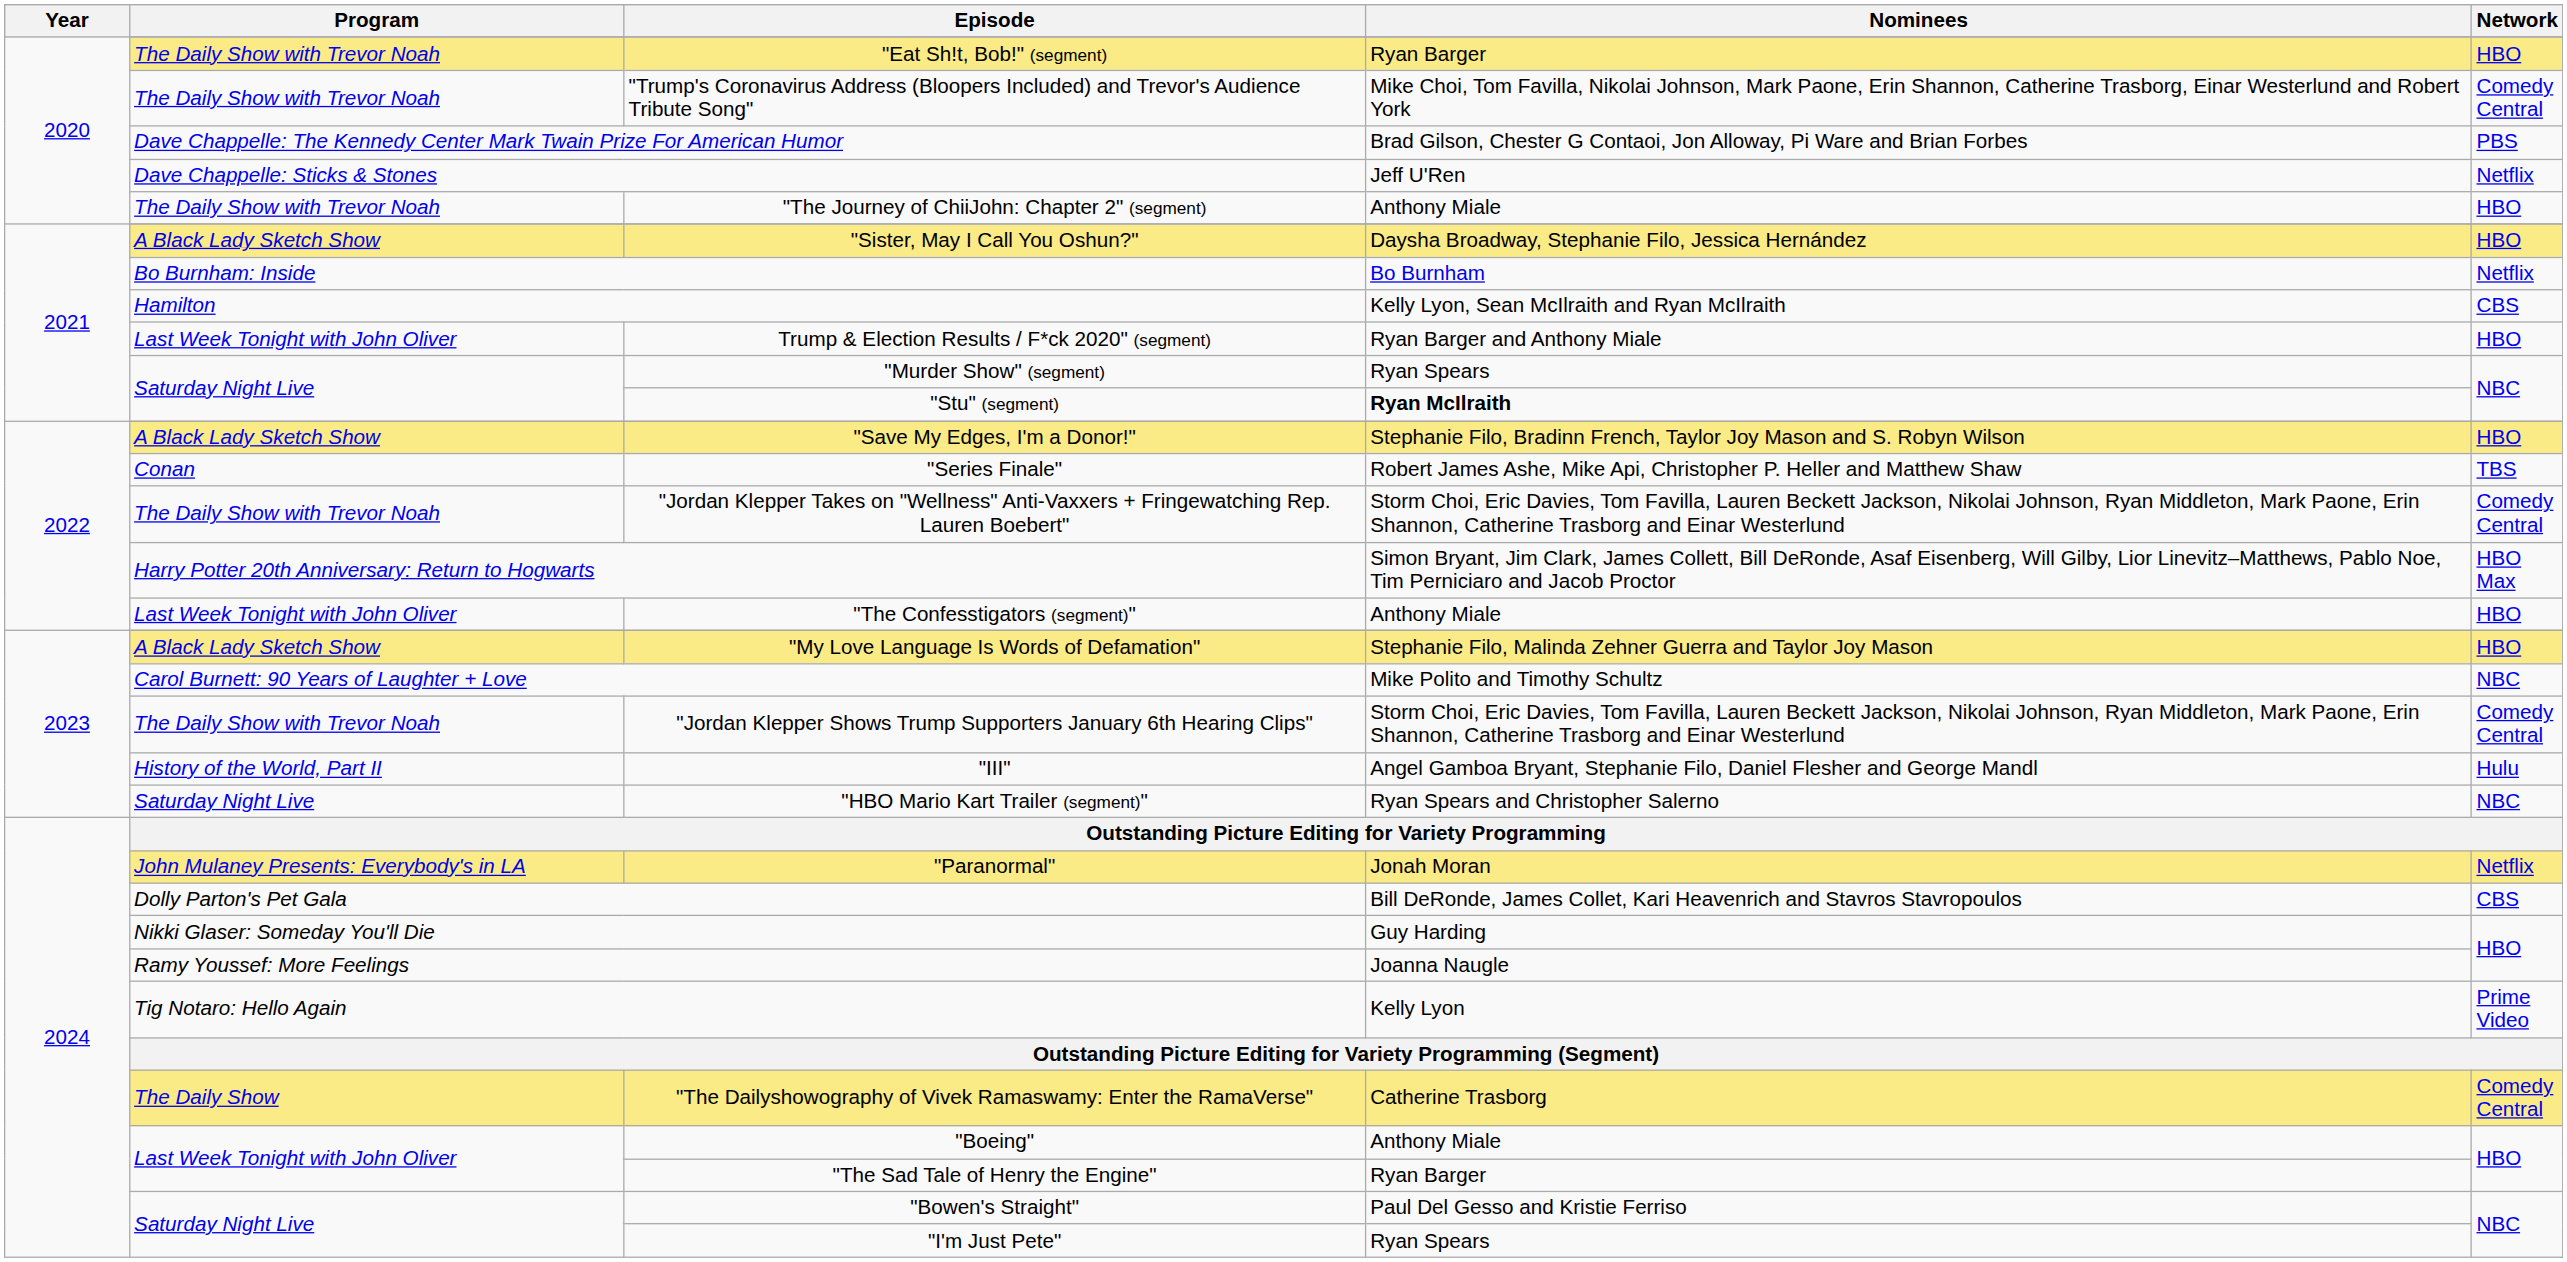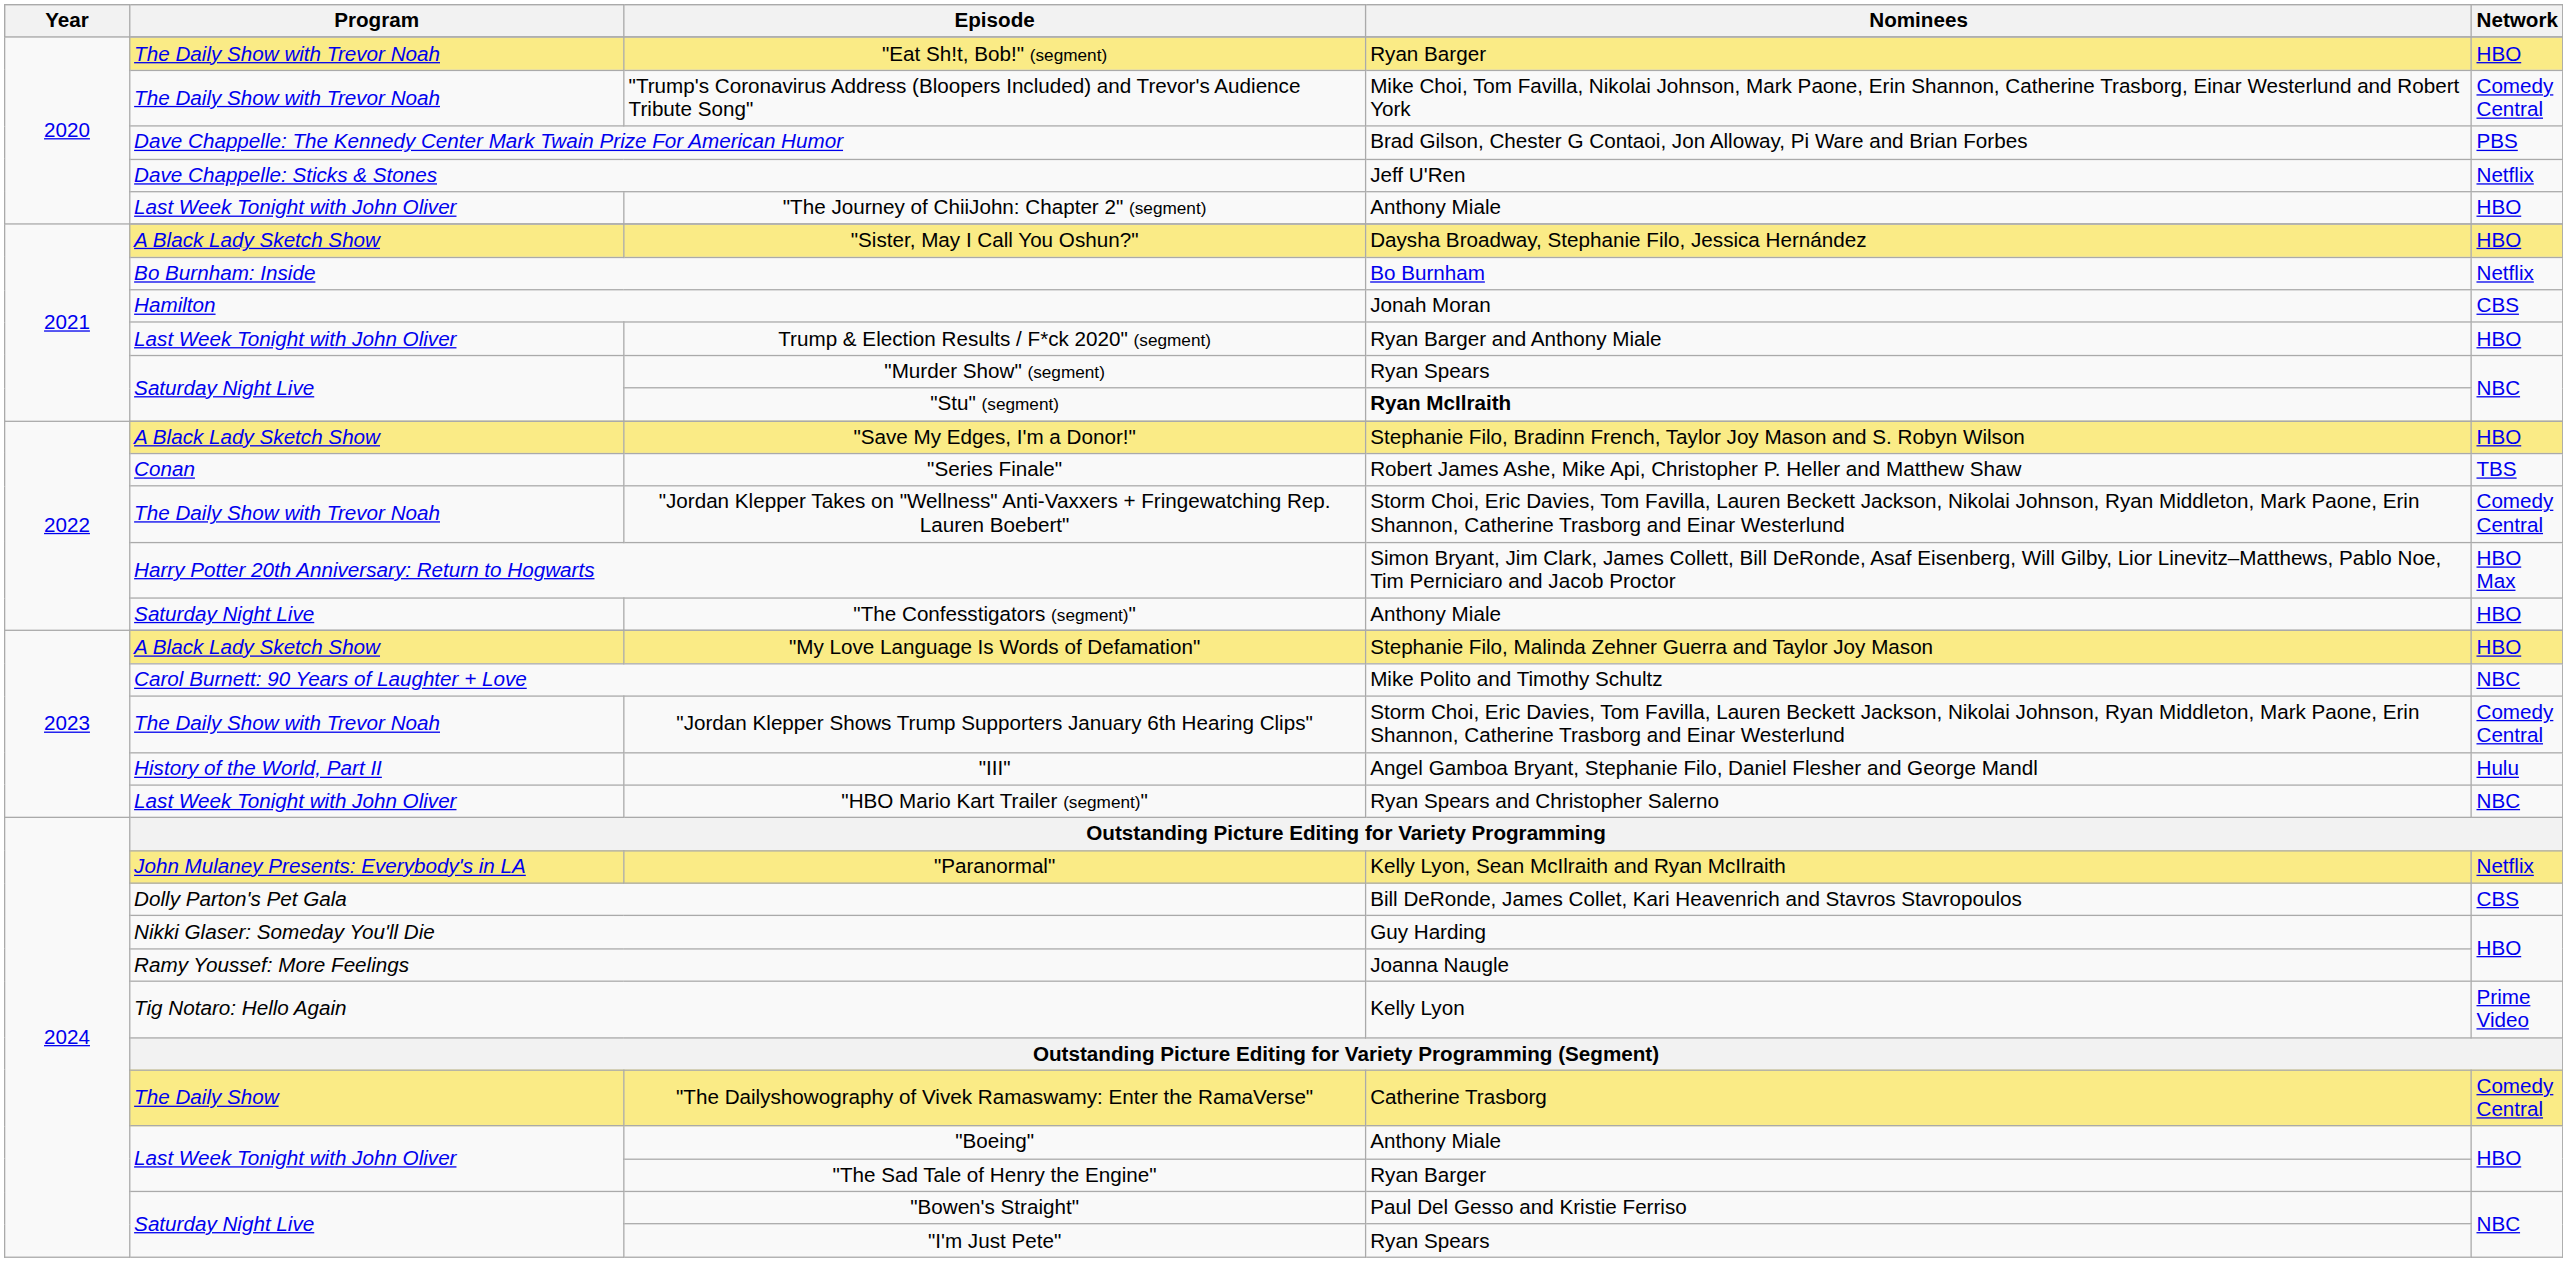 <table class="wikitable" style="width:100%">
 <tr style="background:#bebebe;">
 <th style="width:5%;">Year</th>
 <th style="width:20%;">Program</th>
 <th style="width:30%;">Episode</th>
 <th style="width:45%;">Nominees</th>
 <th style="width:5%;">Network</th>
 </tr>
 <tr>
 <td rowspan=6 style="text-align:center;"><a href='#'>2020</a><br></td>
 </tr>
 <tr style="background:#FAEB86;">
 <td><em><a href='#'>The Daily Show with Trevor Noah</a></em></td>
 <td align=center>"Eat Sh!t, Bob!" <small>(segment)</small></td>
 <td>Ryan Barger</td>
 <td><a href='#'>HBO</a></td>
 </tr>
 <tr>
 <td><em><a href='#'>The Daily Show with Trevor Noah</a></em></td>
 <td>"Trump's Coronavirus Address (Bloopers Included) and Trevor's Audience Tribute Song"</td>
 <td>Mike Choi, Tom Favilla, Nikolai Johnson, Mark Paone, Erin Shannon, Catherine Trasborg, Einar Westerlund and Robert York</td>
 <td><a href='#'>Comedy Central</a></td>
 </tr>
 <tr>
 <td colspan=2><em><a href='#'>Dave Chappelle: The Kennedy Center Mark Twain Prize For American Humor</a></em></td>
 <td>Brad Gilson, Chester G Contaoi, Jon Alloway, Pi Ware and Brian Forbes</td>
 <td><a href='#'>PBS</a></td>
 </tr>
 <tr>
 <td colspan=2><em><a href='#'>Dave Chappelle: Sticks & Stones</a></em></td>
 <td>Jeff U'Ren</td>
 <td><a href='#'>Netflix</a></td>
 </tr>
 <tr>
-<td><em><a href='#'>The Daily Show with Trevor Noah</a></em></td>
+<td><em><a href='#'>Last Week Tonight with John Oliver</a></em></td>
 <td align=center>"The Journey of ChiiJohn: Chapter 2" <small>(segment)</small></td>
 <td>Anthony Miale</td>
 <td><a href='#'>HBO</a></td>
 </tr>
 <tr>
 <td rowspan=7 style="text-align:center;"><a href='#'>2021</a><br></td>
 </tr>
 <tr style="background:#FAEB86;">
 <td><em><a href='#'>A Black Lady Sketch Show</a></em></td>
 <td align=center>"Sister, May I Call You Oshun?"</td>
 <td>Daysha Broadway, Stephanie Filo, Jessica Hernández</td>
 <td><a href='#'>HBO</a></td>
 </tr>
 <tr>
 <td colspan="2"><em><a href='#'>Bo Burnham: Inside</a></em></td>
 <td><a href='#'>Bo Burnham</a></td>
 <td><a href='#'>Netflix</a></td>
 </tr>
 <tr>
 <td colspan=2><em><a href='#'>Hamilton</a></em></td>
-<td>Kelly Lyon, Sean McIlraith and Ryan McIlraith</td>
+<td>Jonah Moran</td>
 <td><a href='#'>CBS</a></td>
 </tr>
 <tr>
 <td><em><a href='#'>Last Week Tonight with John Oliver</a></em></td>
 <td align=center>Trump & Election Results / F*ck 2020" <small>(segment)</small></td>
 <td>Ryan Barger and Anthony Miale</td>
 <td><a href='#'>HBO</a></td>
 </tr>
 <tr>
 <td rowspan="2"><em><a href='#'>Saturday Night Live</a></em></td>
 <td align=center>"Murder Show" <small>(segment)</small></td>
 <td>Ryan Spears</td>
 <td rowspan="2"><a href='#'>NBC</a></td>
 </tr>
 <tr>
 <td align=center>"Stu" <small>(segment)</small></td>
 <td><strong>Ryan McIlraith</strong></td>
 </tr>
 <tr>
 <td rowspan=6 style="text-align:center;"><a href='#'>2022</a><br></td>
 </tr>
 <tr style="background:#FAEB86;">
 <td><em><a href='#'>A Black Lady Sketch Show</a></em></td>
 <td align=center>"Save My Edges, I'm a Donor!"</td>
 <td>Stephanie Filo, Bradinn French, Taylor Joy Mason and S. Robyn Wilson</td>
 <td><a href='#'>HBO</a></td>
 </tr>
 <tr>
 <td><em><a href='#'>Conan</a></em></td>
 <td align=center>"Series Finale"</td>
 <td>Robert James Ashe, Mike Api, Christopher P. Heller and Matthew Shaw</td>
 <td><a href='#'>TBS</a></td>
 </tr>
 <tr>
 <td><em><a href='#'>The Daily Show with Trevor Noah</a></em></td>
 <td align=center>"Jordan Klepper Takes on "Wellness" Anti-Vaxxers + Fringewatching Rep. Lauren Boebert"</td>
 <td>Storm Choi, Eric Davies, Tom Favilla, Lauren Beckett Jackson, Nikolai Johnson, Ryan Middleton, Mark Paone, Erin Shannon, Catherine Trasborg and Einar Westerlund</td>
 <td><a href='#'>Comedy Central</a></td>
 </tr>
 <tr>
 <td colspan="2"><em><a href='#'>Harry Potter 20th Anniversary: Return to Hogwarts</a></em></td>
 <td>Simon Bryant, Jim Clark, James Collett, Bill DeRonde, Asaf Eisenberg, Will Gilby, Lior Linevitz–Matthews, Pablo Noe, Tim Perniciaro and Jacob Proctor</td>
 <td><a href='#'>HBO Max</a></td>
 </tr>
 <tr>
-<td><em><a href='#'>Last Week Tonight with John Oliver</a></em></td>
+<td><em><a href='#'>Saturday Night Live</a></em></td>
 <td align=center>"The Confesstigators <small>(segment)</small>"</td>
 <td>Anthony Miale</td>
 <td><a href='#'>HBO</a></td>
 </tr>
 <tr>
 <td rowspan=6 style="text-align:center;"><a href='#'>2023</a><br></td>
 </tr>
 <tr style="background:#FAEB86;">
 <td><em><a href='#'>A Black Lady Sketch Show</a></em></td>
 <td align=center>"My Love Language Is Words of Defamation"</td>
 <td>Stephanie Filo, Malinda Zehner Guerra and Taylor Joy Mason</td>
 <td><a href='#'>HBO</a></td>
 </tr>
 <tr>
 <td colspan="2"><em><a href='#'>Carol Burnett: 90 Years of Laughter + Love</a></em></td>
 <td>Mike Polito and Timothy Schultz</td>
 <td><a href='#'>NBC</a></td>
 </tr>
 <tr>
 <td><em><a href='#'>The Daily Show with Trevor Noah</a></em></td>
 <td align=center>"Jordan Klepper Shows Trump Supporters January 6th Hearing Clips"</td>
 <td>Storm Choi, Eric Davies, Tom Favilla, Lauren Beckett Jackson, Nikolai Johnson, Ryan Middleton, Mark Paone, Erin Shannon, Catherine Trasborg and Einar Westerlund</td>
 <td><a href='#'>Comedy Central</a></td>
 </tr>
 <tr>
 <td><em><a href='#'>History of the World, Part II</a></em></td>
 <td align=center>"III"</td>
 <td>Angel Gamboa Bryant, Stephanie Filo, Daniel Flesher and George Mandl</td>
 <td><a href='#'>Hulu</a></td>
 </tr>
 <tr>
-<td><em><a href='#'>Saturday Night Live</a></em></td>
+<td><em><a href='#'>Last Week Tonight with John Oliver</a></em></td>
 <td align=center>"HBO Mario Kart Trailer <small>(segment)</small>"</td>
 <td>Ryan Spears and Christopher Salerno</td>
 <td><a href='#'>NBC</a></td>
 </tr>
 <tr>
 <td rowspan=12 style="text-align:center;"><a href='#'>2024</a></td>
 <th colspan="6">Outstanding Picture Editing for Variety Programming</th>
 </tr>
 <tr style="background:#FAEB86;">
 <td><em><a href='#'>John Mulaney Presents: Everybody's in LA</a></em></td>
 <td align=center>"Paranormal"</td>
-<td>Jonah Moran</td>
+<td>Kelly Lyon, Sean McIlraith and Ryan McIlraith</td>
 <td><a href='#'>Netflix</a></td>
 </tr>
 <tr>
 <td colspan="2"><em>Dolly Parton's Pet Gala</em></td>
 <td>Bill DeRonde, James Collet, Kari Heavenrich and Stavros Stavropoulos</td>
 <td><a href='#'>CBS</a></td>
 </tr>
 <tr>
 <td colspan="2"><em>Nikki Glaser: Someday You'll Die</em></td>
 <td>Guy Harding</td>
 <td rowspan="2"><a href='#'>HBO</a></td>
 </tr>
 <tr>
 <td colspan="2"><em>Ramy Youssef: More Feelings</em></td>
 <td>Joanna Naugle</td>
 </tr>
 <tr>
 <td colspan="2"><em>Tig Notaro: Hello Again</em></td>
 <td>Kelly Lyon</td>
 <td><a href='#'>Prime Video</a></td>
 </tr>
 <tr>
 <th colspan="6">Outstanding Picture Editing for Variety Programming (Segment)</th>
 </tr>
 <tr style="background:#FAEB86;">
 <td><em><a href='#'>The Daily Show</a></em></td>
 <td align=center>"The Dailyshowography of Vivek Ramaswamy: Enter the RamaVerse"</td>
 <td>Catherine Trasborg</td>
 <td><a href='#'>Comedy Central</a></td>
 </tr>
 <tr>
 <td rowspan="2"><em><a href='#'>Last Week Tonight with John Oliver</a></em></td>
 <td align=center>"Boeing"</td>
 <td>Anthony Miale</td>
 <td rowspan="2"><a href='#'>HBO</a></td>
 </tr>
 <tr>
 <td align=center>"The Sad Tale of Henry the Engine"</td>
 <td>Ryan Barger</td>
 </tr>
 <tr>
 <td rowspan="2"><em><a href='#'>Saturday Night Live</a></em></td>
 <td align=center>"Bowen's Straight"</td>
 <td>Paul Del Gesso and Kristie Ferriso</td>
 <td rowspan="2"><a href='#'>NBC</a></td>
 </tr>
 <tr>
 <td align=center>"I'm Just Pete"</td>
 <td>Ryan Spears</td>
 </tr>
 </table>
